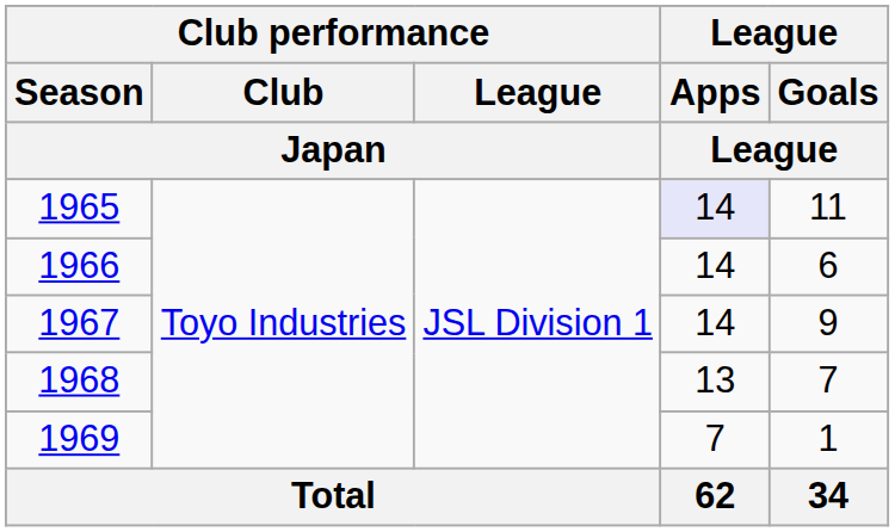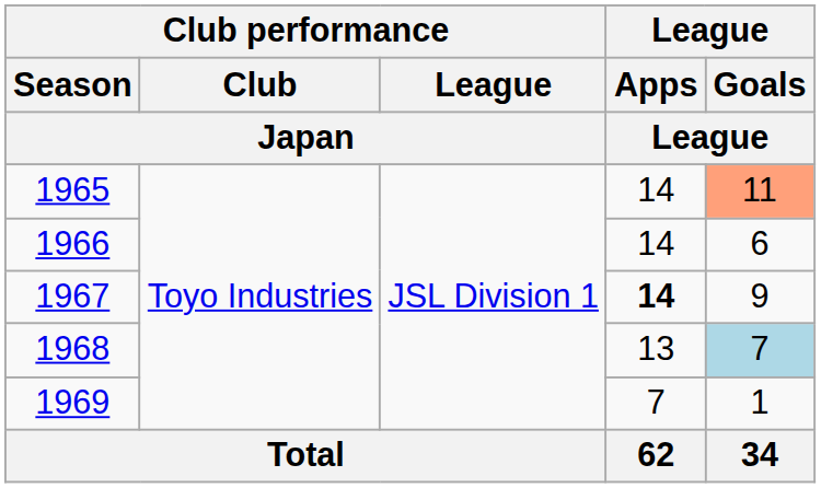 <table class="wikitable" style="text-align:center;">
 <tr>
 <th colspan=3>Club performance</th>
 <th colspan=2>League</th>
 </tr>
 <tr>
 <th>Season</th>
 <th>Club</th>
 <th>League</th>
 <th>Apps</th>
 <th>Goals</th>
 </tr>
 <tr>
 <th colspan=3>Japan</th>
 <th colspan=2>League</th>
 </tr>
 <tr>
 <td><a href='#'>1965</a></td>
 <td rowspan=5><a href='#'>Toyo Industries</a></td>
 <td rowspan=5><a href='#'>JSL Division 1</a></td>
-<td style="background: lavender;">14</td>
-<td>11</td>
+<td>14</td>
+<td style="background: lightsalmon;">11</td>
 </tr>
 <tr>
 <td><a href='#'>1966</a></td>
 <td>14</td>
 <td>6</td>
 </tr>
 <tr>
 <td><a href='#'>1967</a></td>
-<td>14</td>
+<td><strong>14</strong></td>
 <td>9</td>
 </tr>
 <tr>
 <td><a href='#'>1968</a></td>
 <td>13</td>
-<td>7</td>
+<td style="background: lightblue;">7</td>
 </tr>
 <tr>
 <td><a href='#'>1969</a></td>
 <td>7</td>
 <td>1</td>
 </tr>
 <tr>
 <th colspan=3>Total</th>
 <th>62</th>
 <th>34</th>
 </tr>
 </table>
